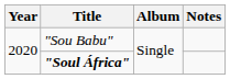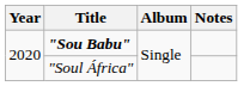 <table class="wikitable">
 <tr>
 <th>Year</th>
 <th>Title</th>
 <th>Album</th>
 <th>Notes</th>
 </tr>
 <tr>
 <td rowspan="2">2020</td>
-<td><em>"Sou Babu"</em></td>
+<td><strong><em>"Sou Babu"</em></strong></td>
 <td rowspan="2">Single</td>
 <td></td>
 </tr>
 <tr>
-<td><strong><em>"Soul África"</em></strong></td>
+<td><em>"Soul África"</em></td>
 <td></td>
 </tr>
 </table>
